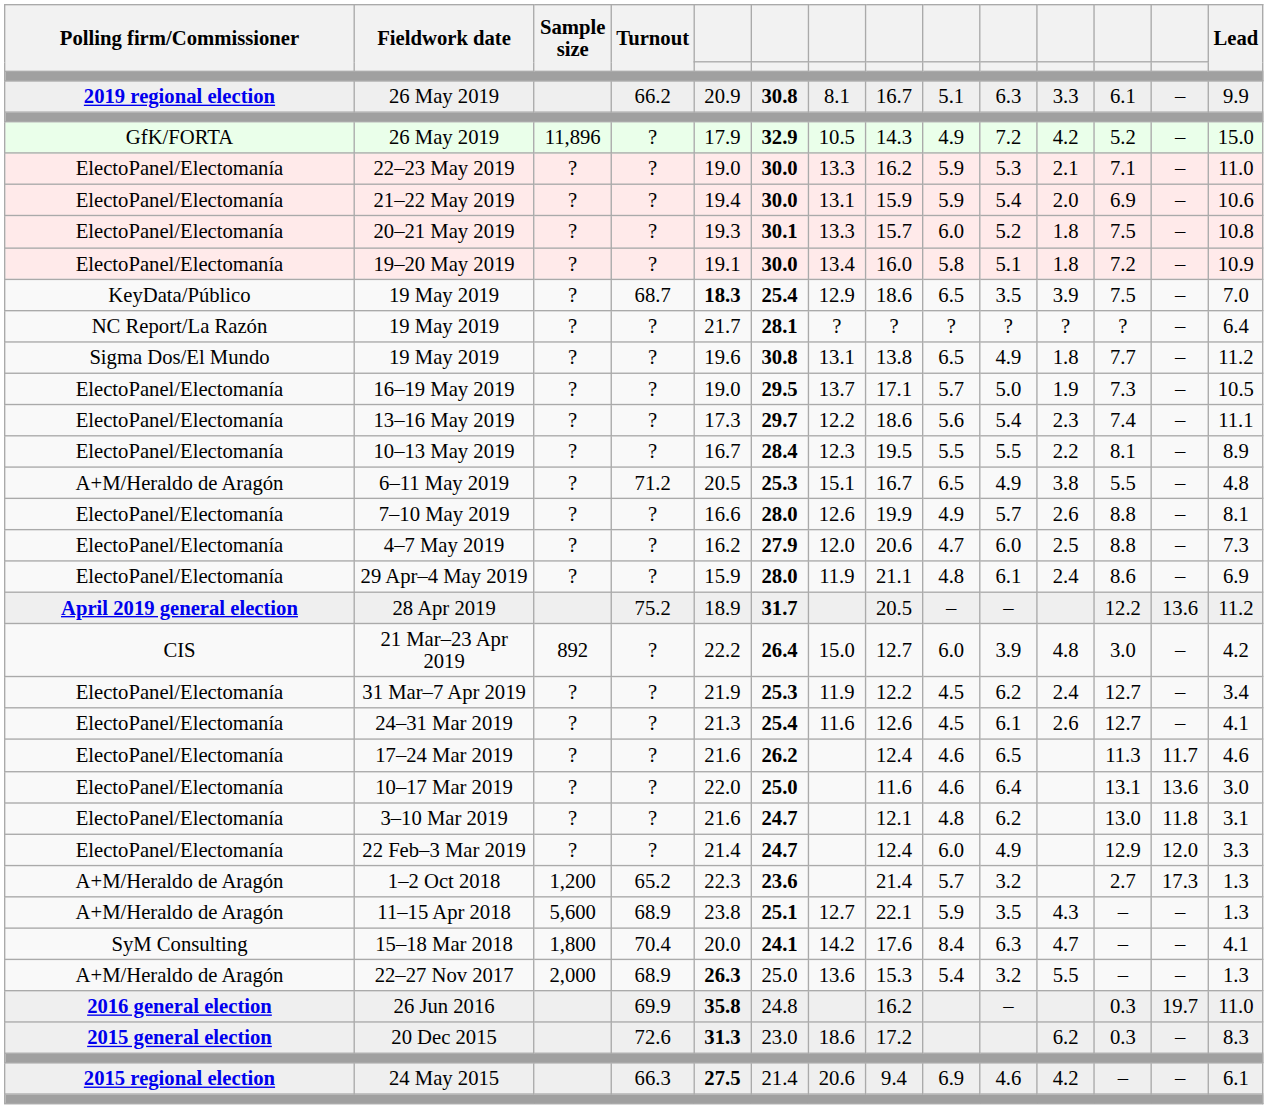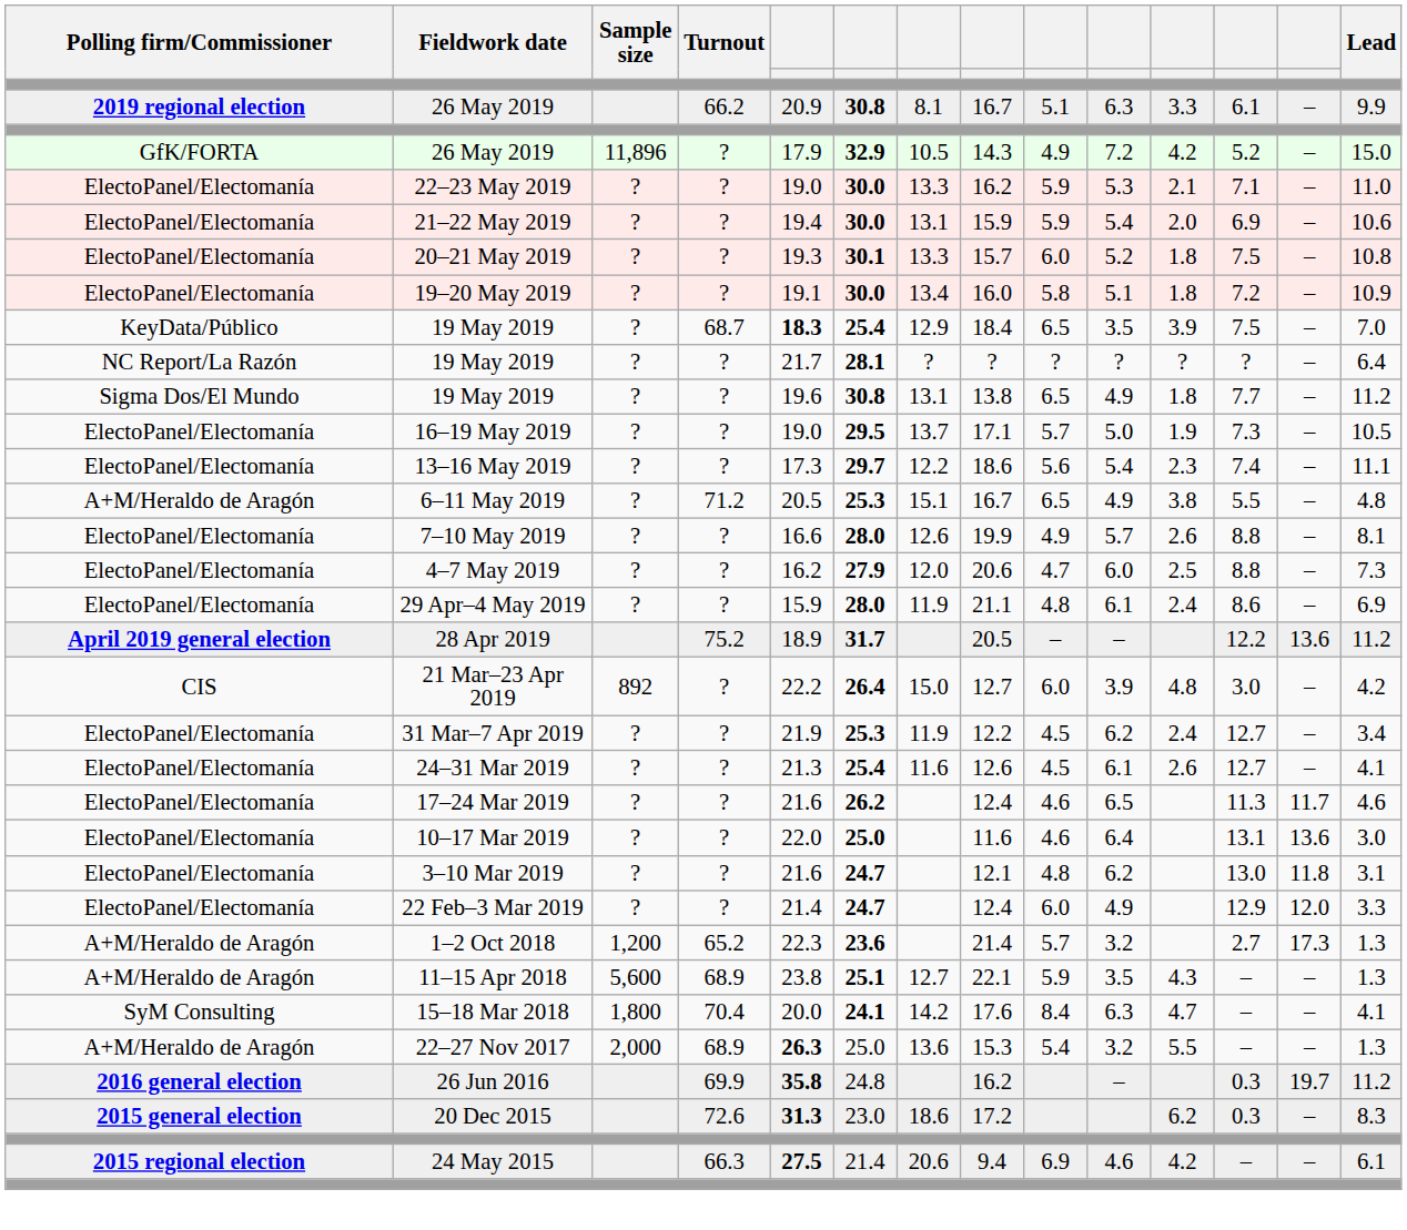 <table class="wikitable collapsible collapsed" style="text-align:center; font-size:95%; line-height:16px;">
 <tr style="height:42px;">
 <th style="width:250px;" rowspan="2">Polling firm/Commissioner</th>
 <th style="width:125px;" rowspan="2">Fieldwork date</th>
 <th style="width:50px;" rowspan="2">Sample size</th>
 <th style="width:45px;" rowspan="2">Turnout</th>
 <th style="width:35px;"></th>
 <th style="width:35px;"></th>
 <th style="width:35px;"></th>
 <th style="width:35px;"></th>
 <th style="width:35px;"></th>
 <th style="width:35px;"></th>
 <th style="width:35px;"></th>
 <th style="width:35px;"></th>
 <th style="width:35px;"></th>
 <th style="width:30px;" rowspan="2">Lead</th>
 </tr>
 <tr>
 <th style="color:inherit;background:"></th>
 <th style="color:inherit;background:"></th>
 <th style="color:inherit;background:"></th>
 <th style="color:inherit;background:"></th>
 <th style="color:inherit;background:"></th>
 <th style="color:inherit;background:"></th>
 <th style="color:inherit;background:"></th>
 <th style="color:inherit;background:"></th>
 <th style="color:inherit;background:"></th>
 </tr>
 <tr>
 <td colspan="14" style="background:#A0A0A0"></td>
 </tr>
 <tr style="background:#EFEFEF;">
 <td><strong><a href='#'>2019 regional election</a></strong></td>
 <td>26 May 2019</td>
 <td></td>
 <td>66.2</td>
 <td>20.9<br></td>
 <td><strong>30.8</strong><br></td>
 <td>8.1<br></td>
 <td>16.7<br></td>
 <td>5.1<br></td>
 <td>6.3<br></td>
 <td>3.3<br></td>
 <td>6.1<br></td>
 <td>–</td>
 <td style="background:">9.9</td>
 </tr>
 <tr>
 <td colspan="14" style="background:#A0A0A0"></td>
 </tr>
 <tr style="background:#EAFFEA;">
 <td>GfK/FORTA</td>
 <td>26 May 2019</td>
 <td>11,896</td>
 <td>?</td>
 <td>17.9<br></td>
 <td><strong>32.9</strong><br></td>
 <td>10.5<br></td>
 <td>14.3<br></td>
 <td>4.9<br></td>
 <td>7.2<br></td>
 <td>4.2<br></td>
 <td>5.2<br></td>
 <td>–</td>
 <td style="background:">15.0</td>
 </tr>
 <tr style="background:#FFEAEA;">
 <td>ElectoPanel/Electomanía</td>
 <td>22–23 May 2019</td>
 <td>?</td>
 <td>?</td>
 <td>19.0<br></td>
 <td><strong>30.0</strong><br></td>
 <td>13.3<br></td>
 <td>16.2<br></td>
 <td>5.9<br></td>
 <td>5.3<br></td>
 <td>2.1<br></td>
 <td>7.1<br></td>
 <td>–</td>
 <td style="background:">11.0</td>
 </tr>
 <tr style="background:#FFEAEA;">
 <td>ElectoPanel/Electomanía</td>
 <td>21–22 May 2019</td>
 <td>?</td>
 <td>?</td>
 <td>19.4<br></td>
 <td><strong>30.0</strong><br></td>
 <td>13.1<br></td>
 <td>15.9<br></td>
 <td>5.9<br></td>
 <td>5.4<br></td>
 <td>2.0<br></td>
 <td>6.9<br></td>
 <td>–</td>
 <td style="background:">10.6</td>
 </tr>
 <tr style="background:#FFEAEA;">
 <td>ElectoPanel/Electomanía</td>
 <td>20–21 May 2019</td>
 <td>?</td>
 <td>?</td>
 <td>19.3<br></td>
 <td><strong>30.1</strong><br></td>
 <td>13.3<br></td>
 <td>15.7<br></td>
 <td>6.0<br></td>
 <td>5.2<br></td>
 <td>1.8<br></td>
 <td>7.5<br></td>
 <td>–</td>
 <td style="background:">10.8</td>
 </tr>
 <tr style="background:#FFEAEA;">
 <td>ElectoPanel/Electomanía</td>
 <td>19–20 May 2019</td>
 <td>?</td>
 <td>?</td>
 <td>19.1<br></td>
 <td><strong>30.0</strong><br></td>
 <td>13.4<br></td>
 <td>16.0<br></td>
 <td>5.8<br></td>
 <td>5.1<br></td>
 <td>1.8<br></td>
 <td>7.2<br></td>
 <td>–</td>
 <td style="background:">10.9</td>
 </tr>
 <tr>
 <td>KeyData/Público</td>
 <td>19 May 2019</td>
 <td>?</td>
 <td>68.7</td>
 <td><strong>18.3<br></strong></td>
 <td><strong>25.4</strong><br></td>
 <td>12.9<br></td>
-<td>18.6<br></td>
+<td>18.4<br></td>
 <td>6.5<br></td>
 <td>3.5<br></td>
 <td>3.9<br></td>
 <td>7.5<br></td>
 <td>–</td>
 <td style="background:">7.0</td>
 </tr>
 <tr>
 <td>NC Report/La Razón</td>
 <td>19 May 2019</td>
 <td>?</td>
 <td>?</td>
 <td>21.7<br></td>
 <td><strong>28.1</strong><br></td>
 <td>?<br></td>
 <td>?<br></td>
 <td>?<br></td>
 <td>?<br></td>
 <td>?<br></td>
 <td>?<br></td>
 <td>–</td>
 <td style="background:">6.4</td>
 </tr>
 <tr>
 <td>Sigma Dos/El Mundo</td>
 <td>19 May 2019</td>
 <td>?</td>
 <td>?</td>
 <td>19.6<br></td>
 <td><strong>30.8</strong><br></td>
 <td>13.1<br></td>
 <td>13.8<br></td>
 <td>6.5<br></td>
 <td>4.9<br></td>
 <td>1.8<br></td>
 <td>7.7<br></td>
 <td>–</td>
 <td style="background:">11.2</td>
 </tr>
 <tr>
 <td>ElectoPanel/Electomanía</td>
 <td>16–19 May 2019</td>
 <td>?</td>
 <td>?</td>
 <td>19.0<br></td>
 <td><strong>29.5</strong><br></td>
 <td>13.7<br></td>
 <td>17.1<br></td>
 <td>5.7<br></td>
 <td>5.0<br></td>
 <td>1.9<br></td>
 <td>7.3<br></td>
 <td>–</td>
 <td style="background:">10.5</td>
 </tr>
 <tr>
 <td>ElectoPanel/Electomanía</td>
 <td>13–16 May 2019</td>
 <td>?</td>
 <td>?</td>
 <td>17.3<br></td>
 <td><strong>29.7</strong><br></td>
 <td>12.2<br></td>
 <td>18.6<br></td>
 <td>5.6<br></td>
 <td>5.4<br></td>
 <td>2.3<br></td>
 <td>7.4<br></td>
 <td>–</td>
 <td style="background:">11.1</td>
-</tr>
-<tr>
-<td>ElectoPanel/Electomanía</td>
-<td>10–13 May 2019</td>
-<td>?</td>
-<td>?</td>
-<td>16.7<br></td>
-<td><strong>28.4</strong><br></td>
-<td>12.3<br></td>
-<td>19.5<br></td>
-<td>5.5<br></td>
-<td>5.5<br></td>
-<td>2.2<br></td>
-<td>8.1<br></td>
-<td>–</td>
-<td style="background:">8.9</td>
 </tr>
 <tr>
 <td>A+M/Heraldo de Aragón</td>
 <td>6–11 May 2019</td>
 <td>?</td>
 <td>71.2</td>
 <td>20.5<br></td>
 <td><strong>25.3</strong><br></td>
 <td>15.1<br></td>
 <td>16.7<br></td>
 <td>6.5<br></td>
 <td>4.9<br></td>
 <td>3.8<br></td>
 <td>5.5<br></td>
 <td>–</td>
 <td style="background:">4.8</td>
 </tr>
 <tr>
 <td>ElectoPanel/Electomanía</td>
 <td>7–10 May 2019</td>
 <td>?</td>
 <td>?</td>
 <td>16.6<br></td>
 <td><strong>28.0</strong><br></td>
 <td>12.6<br></td>
 <td>19.9<br></td>
 <td>4.9<br></td>
 <td>5.7<br></td>
 <td>2.6<br></td>
 <td>8.8<br></td>
 <td>–</td>
 <td style="background:">8.1</td>
 </tr>
 <tr>
 <td>ElectoPanel/Electomanía</td>
 <td>4–7 May 2019</td>
 <td>?</td>
 <td>?</td>
 <td>16.2<br></td>
 <td><strong>27.9</strong><br></td>
 <td>12.0<br></td>
 <td>20.6<br></td>
 <td>4.7<br></td>
 <td>6.0<br></td>
 <td>2.5<br></td>
 <td>8.8<br></td>
 <td>–</td>
 <td style="background:">7.3</td>
 </tr>
 <tr>
 <td>ElectoPanel/Electomanía</td>
 <td>29 Apr–4 May 2019</td>
 <td>?</td>
 <td>?</td>
 <td>15.9<br></td>
 <td><strong>28.0</strong><br></td>
 <td>11.9<br></td>
 <td>21.1<br></td>
 <td>4.8<br></td>
 <td>6.1<br></td>
 <td>2.4<br></td>
 <td>8.6<br></td>
 <td>–</td>
 <td style="background:">6.9</td>
 </tr>
 <tr style="background:#EFEFEF;">
 <td><strong><a href='#'>April 2019 general election</a></strong></td>
 <td>28 Apr 2019</td>
 <td></td>
 <td>75.2</td>
 <td>18.9<br></td>
 <td><strong>31.7</strong><br></td>
 <td></td>
 <td>20.5<br></td>
 <td>–</td>
 <td>–</td>
 <td></td>
 <td>12.2<br></td>
 <td>13.6<br></td>
 <td style="background:">11.2</td>
 </tr>
 <tr>
 <td>CIS</td>
 <td>21 Mar–23 Apr 2019</td>
 <td>892</td>
 <td>?</td>
 <td>22.2<br></td>
 <td><strong>26.4</strong><br></td>
 <td>15.0<br></td>
 <td>12.7<br></td>
 <td>6.0<br></td>
 <td>3.9<br></td>
 <td>4.8<br></td>
 <td>3.0<br></td>
 <td>–</td>
 <td style="background:">4.2</td>
 </tr>
 <tr>
 <td>ElectoPanel/Electomanía</td>
 <td>31 Mar–7 Apr 2019</td>
 <td>?</td>
 <td>?</td>
 <td>21.9<br></td>
 <td><strong>25.3</strong><br></td>
 <td>11.9<br></td>
 <td>12.2<br></td>
 <td>4.5<br></td>
 <td>6.2<br></td>
 <td>2.4<br></td>
 <td>12.7<br></td>
 <td>–</td>
 <td style="background:">3.4</td>
 </tr>
 <tr>
 <td>ElectoPanel/Electomanía</td>
 <td>24–31 Mar 2019</td>
 <td>?</td>
 <td>?</td>
 <td>21.3<br></td>
 <td><strong>25.4</strong><br></td>
 <td>11.6<br></td>
 <td>12.6<br></td>
 <td>4.5<br></td>
 <td>6.1<br></td>
 <td>2.6<br></td>
 <td>12.7<br></td>
 <td>–</td>
 <td style="background:">4.1</td>
 </tr>
 <tr>
 <td>ElectoPanel/Electomanía</td>
 <td>17–24 Mar 2019</td>
 <td>?</td>
 <td>?</td>
 <td>21.6<br></td>
 <td><strong>26.2</strong><br></td>
 <td></td>
 <td>12.4<br></td>
 <td>4.6<br></td>
 <td>6.5<br></td>
 <td></td>
 <td>11.3<br></td>
 <td>11.7<br></td>
 <td style="background:">4.6</td>
 </tr>
 <tr>
 <td>ElectoPanel/Electomanía</td>
 <td>10–17 Mar 2019</td>
 <td>?</td>
 <td>?</td>
 <td>22.0<br></td>
 <td><strong>25.0</strong><br></td>
 <td></td>
 <td>11.6<br></td>
 <td>4.6<br></td>
 <td>6.4<br></td>
 <td></td>
 <td>13.1<br></td>
 <td>13.6<br></td>
 <td style="background:">3.0</td>
 </tr>
 <tr>
 <td>ElectoPanel/Electomanía</td>
 <td>3–10 Mar 2019</td>
 <td>?</td>
 <td>?</td>
 <td>21.6<br></td>
 <td><strong>24.7</strong><br></td>
 <td></td>
 <td>12.1<br></td>
 <td>4.8<br></td>
 <td>6.2<br></td>
 <td></td>
 <td>13.0<br></td>
 <td>11.8<br></td>
 <td style="background:">3.1</td>
 </tr>
 <tr>
 <td>ElectoPanel/Electomanía</td>
 <td>22 Feb–3 Mar 2019</td>
 <td>?</td>
 <td>?</td>
 <td>21.4<br></td>
 <td><strong>24.7</strong><br></td>
 <td></td>
 <td>12.4<br></td>
 <td>6.0<br></td>
 <td>4.9<br></td>
 <td></td>
 <td>12.9<br></td>
 <td>12.0<br></td>
 <td style="background:">3.3</td>
 </tr>
 <tr>
 <td>A+M/Heraldo de Aragón</td>
 <td>1–2 Oct 2018</td>
 <td>1,200</td>
 <td>65.2</td>
 <td>22.3<br></td>
 <td><strong>23.6</strong><br></td>
 <td></td>
 <td>21.4<br></td>
 <td>5.7<br></td>
 <td>3.2<br></td>
 <td></td>
 <td>2.7<br></td>
 <td>17.3<br></td>
 <td style="background:">1.3</td>
 </tr>
 <tr>
 <td>A+M/Heraldo de Aragón</td>
 <td>11–15 Apr 2018</td>
 <td>5,600</td>
 <td>68.9</td>
 <td>23.8<br></td>
 <td><strong>25.1</strong><br></td>
 <td>12.7<br></td>
 <td>22.1<br></td>
 <td>5.9<br></td>
 <td>3.5<br></td>
 <td>4.3<br></td>
 <td>–</td>
 <td>–</td>
 <td style="background:">1.3</td>
 </tr>
 <tr>
 <td>SyM Consulting</td>
 <td>15–18 Mar 2018</td>
 <td>1,800</td>
 <td>70.4</td>
 <td>20.0<br></td>
 <td><strong>24.1</strong><br></td>
 <td>14.2<br></td>
 <td>17.6<br></td>
 <td>8.4<br></td>
 <td>6.3<br></td>
 <td>4.7<br></td>
 <td>–</td>
 <td>–</td>
 <td style="background:">4.1</td>
 </tr>
 <tr>
 <td>A+M/Heraldo de Aragón</td>
 <td>22–27 Nov 2017</td>
 <td>2,000</td>
 <td>68.9</td>
 <td><strong>26.3</strong><br></td>
 <td>25.0<br></td>
 <td>13.6<br></td>
 <td>15.3<br></td>
 <td>5.4<br></td>
 <td>3.2<br></td>
 <td>5.5<br></td>
 <td>–</td>
 <td>–</td>
 <td style="background:">1.3</td>
 </tr>
 <tr style="background:#EFEFEF;">
 <td><strong><a href='#'>2016 general election</a></strong></td>
 <td>26 Jun 2016</td>
 <td></td>
 <td>69.9</td>
 <td><strong>35.8</strong><br></td>
 <td>24.8<br></td>
 <td></td>
 <td>16.2<br></td>
 <td></td>
 <td>–</td>
 <td></td>
 <td>0.3<br></td>
 <td>19.7<br></td>
-<td style="background:">11.0</td>
+<td style="background:">11.2</td>
 </tr>
 <tr style="background:#EFEFEF;">
 <td><strong><a href='#'>2015 general election</a></strong></td>
 <td>20 Dec 2015</td>
 <td></td>
 <td>72.6</td>
 <td><strong>31.3</strong><br></td>
 <td>23.0<br></td>
 <td>18.6<br></td>
 <td>17.2<br></td>
 <td></td>
 <td></td>
 <td>6.2<br></td>
 <td>0.3<br></td>
 <td>–</td>
 <td style="background:">8.3</td>
 </tr>
 <tr>
 <td colspan="14" style="background:#A0A0A0"></td>
 </tr>
 <tr style="background:#EFEFEF;">
 <td><strong><a href='#'>2015 regional election</a></strong></td>
 <td>24 May 2015</td>
 <td></td>
 <td>66.3</td>
 <td><strong>27.5</strong><br></td>
 <td>21.4<br></td>
 <td>20.6<br></td>
 <td>9.4<br></td>
 <td>6.9<br></td>
 <td>4.6<br></td>
 <td>4.2<br></td>
 <td>–</td>
 <td>–</td>
 <td style="background:">6.1</td>
 </tr>
 <tr>
 <td colspan="14" style="background:#A0A0A0"></td>
 </tr>
 </table>
